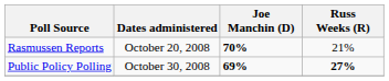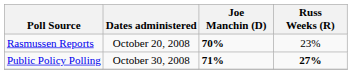 <table class="wikitable">
 <tr valign=bottom>
 <th>Poll Source</th>
 <th>Dates administered</th>
 <th style="width:100px;">Joe<br>Manchin (D)</th>
 <th style="width:100px;">Russ<br>Weeks (R)</th>
 </tr>
 <tr>
 <td><a href='#'>Rasmussen Reports</a></td>
 <td align=center>October 20, 2008</td>
 <td><strong>70%</strong></td>
-<td align=center>21%</td>
+<td align=center>23%</td>
 </tr>
 <tr>
 <td><a href='#'>Public Policy Polling</a></td>
 <td align=center>October 30, 2008</td>
-<td><strong>69%</strong></td>
+<td><strong>71%</strong></td>
 <td align=center><strong>27%</strong></td>
 </tr>
 <tr>
 </tr>
 </table>
